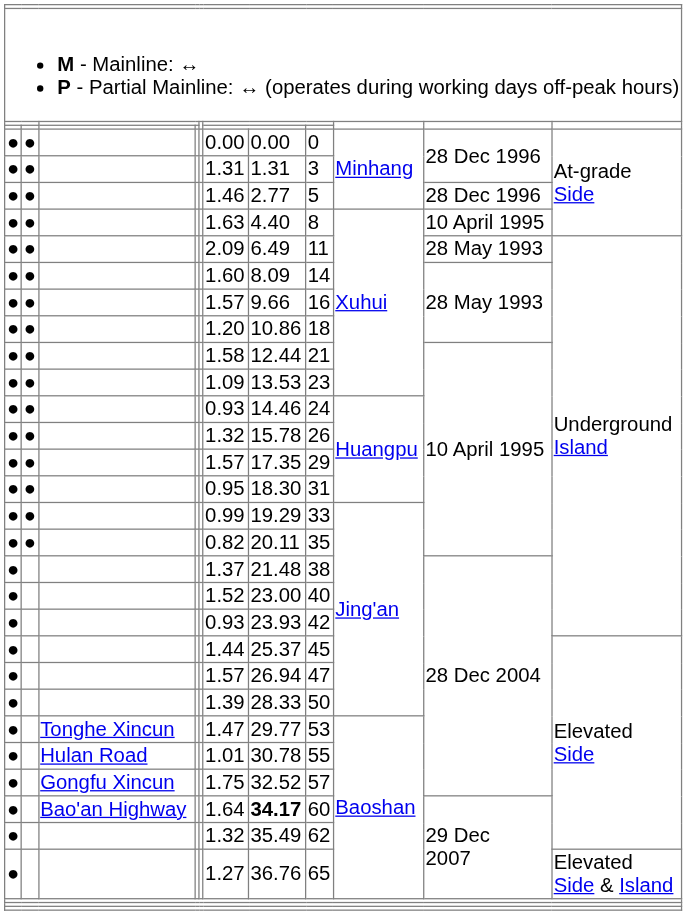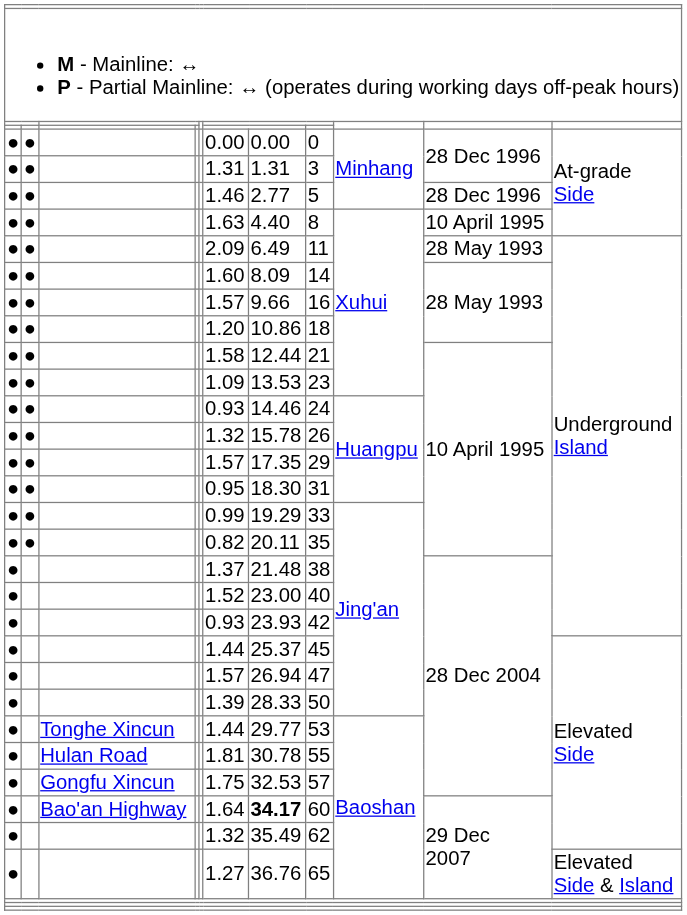 <table border=1 style="border-collapse: collapse;" class="mw-collapsible">
 <tr>
 <th colspan="12" style="text-align: center"></th>
 </tr>
 <tr>
 <td colspan="11" style="text-align: left"><br><ul><li><strong>M</strong> - Mainline:  ↔ </li><li><strong>P</strong> - Partial Mainline:  ↔  (operates during working days off-peak hours)</li></ul></td>
 </tr>
 <tr>
 <th rowspan="1" colspan="2"></th>
 <th colspan="2"></th>
 <th rowspan="2"></th>
 <th colspan="3" rowspan="1"></th>
 <th rowspan="2"></th>
 <th rowspan="2"></th>
 <th rowspan="2"></th>
 </tr>
 <tr>
 <th rowspan="1"></th>
 <th rowspan="1"></th>
 <th></th>
 <th></th>
 <th colspan="2"></th>
 <th></th>
 </tr>
 <tr>
 <td align="center">●</td>
 <td align="center">●</td>
 <td></td>
 <td></td>
 <td>  </td>
 <td>0.00</td>
 <td>0.00</td>
 <td>0</td>
 <td rowspan=3><a href='#'>Minhang</a></td>
 <td rowspan=2>28 Dec 1996</td>
 <td rowspan=4>At-grade <br><a href='#'>Side</a></td>
 </tr>
 <tr>
 <td align="center">●</td>
 <td align="center">●</td>
 <td></td>
 <td></td>
 <td></td>
 <td>1.31</td>
 <td>1.31</td>
 <td>3</td>
 </tr>
 <tr>
 <td align="center">●</td>
 <td align="center">●</td>
 <td></td>
 <td></td>
 <td></td>
 <td>1.46</td>
 <td>2.77</td>
 <td>5</td>
 <td>28 Dec 1996</td>
 </tr>
 <tr>
 <td align="center">●</td>
 <td align="center">●</td>
 <td></td>
 <td></td>
 <td></td>
 <td>1.63</td>
 <td>4.40</td>
 <td>8</td>
 <td rowspan=7><a href='#'>Xuhui</a></td>
 <td>10 April 1995</td>
 </tr>
 <tr>
 <td align="center">●</td>
 <td align="center">●</td>
 <td></td>
 <td></td>
 <td>   </td>
 <td>2.09</td>
 <td>6.49</td>
 <td>11</td>
 <td>28 May 1993</td>
 <td rowspan=15>Underground <br><a href='#'>Island</a></td>
 </tr>
 <tr>
 <td align="center">●</td>
 <td align="center">●</td>
 <td></td>
 <td></td>
 <td></td>
 <td>1.60</td>
 <td>8.09</td>
 <td>14</td>
 <td rowspan=3>28 May 1993</td>
 </tr>
 <tr>
 <td align="center">●</td>
 <td align="center">●</td>
 <td></td>
 <td></td>
 <td></td>
 <td>1.57</td>
 <td>9.66</td>
 <td>16</td>
 </tr>
 <tr>
 <td align="center">●</td>
 <td align="center">●</td>
 <td></td>
 <td></td>
 <td> </td>
 <td>1.20</td>
 <td>10.86</td>
 <td>18</td>
 </tr>
 <tr>
 <td align="center">●</td>
 <td align="center">●</td>
 <td></td>
 <td></td>
 <td></td>
 <td>1.58</td>
 <td>12.44</td>
 <td>21</td>
 <td rowspan=8>10 April 1995</td>
 </tr>
 <tr>
 <td align="center">●</td>
 <td align="center">●</td>
 <td></td>
 <td></td>
 <td></td>
 <td>1.09</td>
 <td>13.53</td>
 <td>23</td>
 </tr>
 <tr>
 <td align="center">●</td>
 <td align="center">●</td>
 <td></td>
 <td></td>
 <td> </td>
 <td>0.93</td>
 <td>14.46</td>
 <td>24</td>
 <td rowspan=4><a href='#'>Huangpu</a></td>
 </tr>
 <tr>
 <td align="center">●</td>
 <td align="center">●</td>
 <td></td>
 <td></td>
 <td></td>
 <td>1.32</td>
 <td>15.78</td>
 <td>26</td>
 </tr>
 <tr>
 <td align="center">●</td>
 <td align="center">●</td>
 <td></td>
 <td></td>
 <td> </td>
 <td>1.57</td>
 <td>17.35</td>
 <td>29</td>
 </tr>
 <tr>
 <td align="center">●</td>
 <td align="center">●</td>
 <td></td>
 <td></td>
 <td></td>
 <td>0.95</td>
 <td>18.30</td>
 <td>31</td>
 </tr>
 <tr>
 <td align="center">●</td>
 <td align="center">●</td>
 <td></td>
 <td></td>
 <td> </td>
 <td>0.99</td>
 <td>19.29</td>
 <td>33</td>
 <td rowspan=8><a href='#'>Jing'an</a></td>
 </tr>
 <tr>
 <td align="center">●</td>
 <td align="center">●</td>
 <td></td>
 <td></td>
 <td>  </td>
 <td>0.82</td>
 <td>20.11</td>
 <td>35</td>
 </tr>
 <tr>
 <td align="center">●</td>
 <td align="center"></td>
 <td></td>
 <td></td>
 <td></td>
 <td>1.37</td>
 <td>21.48</td>
 <td>38</td>
 <td rowspan=9>28 Dec 2004</td>
 </tr>
 <tr>
 <td align="center">●</td>
 <td align="center"></td>
 <td></td>
 <td></td>
 <td></td>
 <td>1.52</td>
 <td>23.00</td>
 <td>40</td>
 </tr>
 <tr>
 <td align="center">●</td>
 <td align="center"></td>
 <td></td>
 <td></td>
 <td></td>
 <td>0.93</td>
 <td>23.93</td>
 <td>42</td>
 </tr>
 <tr>
 <td align="center">●</td>
 <td align="center"></td>
 <td></td>
 <td></td>
 <td></td>
 <td>1.44</td>
 <td>25.37</td>
 <td>45</td>
 <td rowspan=8>Elevated <br><a href='#'>Side</a></td>
 </tr>
 <tr>
 <td align="center">●</td>
 <td align="center"></td>
 <td></td>
 <td></td>
 <td></td>
 <td>1.57</td>
 <td>26.94</td>
 <td>47</td>
 </tr>
 <tr>
 <td align="center">●</td>
 <td align="center"></td>
 <td></td>
 <td></td>
 <td></td>
 <td>1.39</td>
 <td>28.33</td>
 <td>50</td>
 </tr>
 <tr>
 <td align="center">●</td>
 <td align="center"></td>
 <td><a href='#'>Tonghe Xincun</a></td>
 <td></td>
 <td></td>
-<td>1.47</td>
+<td>1.44</td>
 <td>29.77</td>
 <td>53</td>
 <td rowspan=6><a href='#'>Baoshan</a></td>
 </tr>
 <tr>
 <td align="center">●</td>
 <td align="center"></td>
 <td><a href='#'>Hulan Road</a></td>
 <td></td>
 <td></td>
-<td>1.01</td>
+<td>1.81</td>
 <td>30.78</td>
 <td>55</td>
 </tr>
 <tr>
 <td align="center">●</td>
 <td align="center"></td>
 <td><a href='#'>Gongfu Xincun</a></td>
 <td></td>
 <td></td>
 <td>1.75</td>
-<td>32.52</td>
+<td>32.53</td>
 <td>57</td>
 </tr>
 <tr>
 <td align="center">●</td>
 <td align="center"></td>
 <td><a href='#'>Bao'an Highway</a></td>
 <td></td>
 <td></td>
 <td>1.64</td>
 <td><strong>34.17</strong></td>
 <td>60</td>
 <td rowspan=3>29 Dec<br> 2007</td>
 </tr>
 <tr>
 <td align="center">●</td>
 <td align="center"></td>
 <td></td>
 <td></td>
 <td></td>
 <td>1.32</td>
 <td>35.49</td>
 <td>62</td>
 </tr>
 <tr>
 <td align="center">●</td>
 <td align="center"></td>
 <td></td>
 <td></td>
 <td></td>
 <td>1.27</td>
 <td>36.76</td>
 <td>65</td>
 <td>Elevated <br><a href='#'>Side</a> & <a href='#'>Island</a></td>
 </tr>
 <tr style="background: #">
 <td colspan = "12"></td>
 </tr>
 <tr>
 <td colspan="11"></td>
 </tr>
 <tr style="background: #">
 <td colspan = "12"></td>
 </tr>
 </table>
